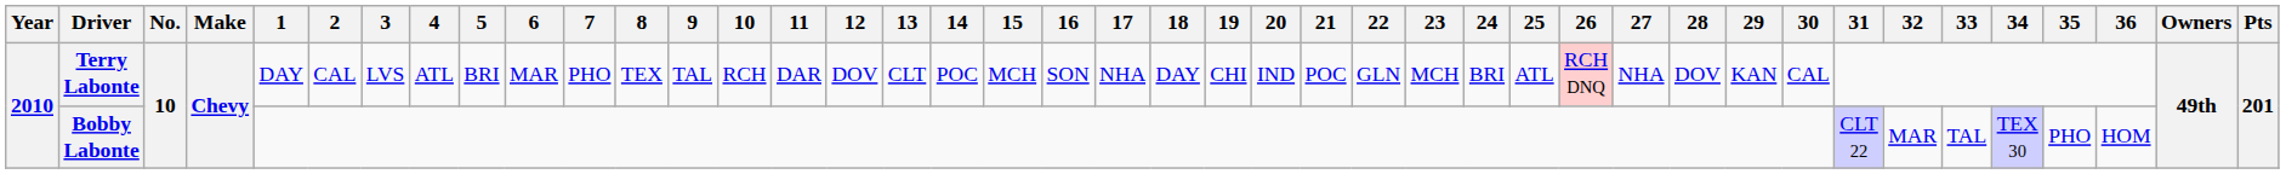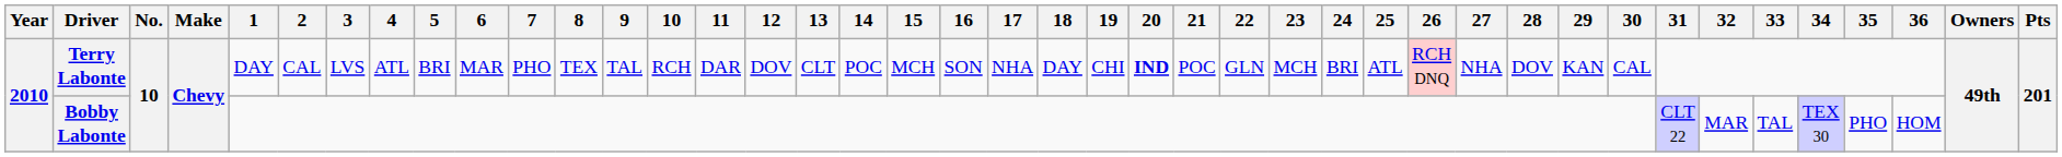 <table class="wikitable" style="text-align:center; font-size:75%">
 <tr>
 <th>Year</th>
 <th>Driver</th>
 <th>No.</th>
 <th>Make</th>
 <th>1</th>
 <th>2</th>
 <th>3</th>
 <th>4</th>
 <th>5</th>
 <th>6</th>
 <th>7</th>
 <th>8</th>
 <th>9</th>
 <th>10</th>
 <th>11</th>
 <th>12</th>
 <th>13</th>
 <th>14</th>
 <th>15</th>
 <th>16</th>
 <th>17</th>
 <th>18</th>
 <th>19</th>
 <th>20</th>
 <th>21</th>
 <th>22</th>
 <th>23</th>
 <th>24</th>
 <th>25</th>
 <th>26</th>
 <th>27</th>
 <th>28</th>
 <th>29</th>
 <th>30</th>
 <th>31</th>
 <th>32</th>
 <th>33</th>
 <th>34</th>
 <th>35</th>
 <th>36</th>
 <th>Owners</th>
 <th>Pts</th>
 </tr>
 <tr>
 <th rowspan=2><a href='#'>2010</a></th>
 <th><a href='#'>Terry Labonte</a></th>
 <th rowspan=2>10</th>
 <th rowspan=2><a href='#'>Chevy</a></th>
 <td><a href='#'>DAY</a></td>
 <td><a href='#'>CAL</a></td>
 <td><a href='#'>LVS</a></td>
 <td><a href='#'>ATL</a></td>
 <td><a href='#'>BRI</a></td>
 <td><a href='#'>MAR</a></td>
 <td><a href='#'>PHO</a></td>
 <td><a href='#'>TEX</a></td>
 <td><a href='#'>TAL</a></td>
 <td><a href='#'>RCH</a></td>
 <td><a href='#'>DAR</a></td>
 <td><a href='#'>DOV</a></td>
 <td><a href='#'>CLT</a></td>
 <td><a href='#'>POC</a></td>
 <td><a href='#'>MCH</a></td>
 <td><a href='#'>SON</a></td>
 <td><a href='#'>NHA</a></td>
 <td><a href='#'>DAY</a></td>
 <td><a href='#'>CHI</a></td>
-<td><a href='#'>IND</a></td>
+<td><strong><a href='#'>IND</a></strong></td>
 <td><a href='#'>POC</a></td>
 <td><a href='#'>GLN</a></td>
 <td><a href='#'>MCH</a></td>
 <td><a href='#'>BRI</a></td>
 <td><a href='#'>ATL</a></td>
 <td style="background:#FFCFCF;"><a href='#'>RCH</a><br><small>DNQ</small></td>
 <td><a href='#'>NHA</a></td>
 <td><a href='#'>DOV</a></td>
 <td><a href='#'>KAN</a></td>
 <td><a href='#'>CAL</a></td>
 <td colspan=6></td>
 <th rowspan=2>49th</th>
 <th rowspan=2>201</th>
 </tr>
 <tr>
 <th><a href='#'>Bobby Labonte</a></th>
 <td colspan=30></td>
 <td style="background:#CFCFFF;"><a href='#'>CLT</a><br><small>22</small></td>
 <td><a href='#'>MAR</a></td>
 <td><a href='#'>TAL</a></td>
 <td style="background:#CFCFFF;"><a href='#'>TEX</a><br><small>30</small></td>
 <td><a href='#'>PHO</a></td>
 <td><a href='#'>HOM</a></td>
 </tr>
 </table>
